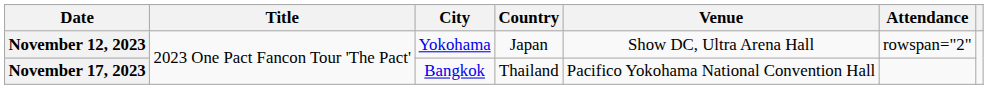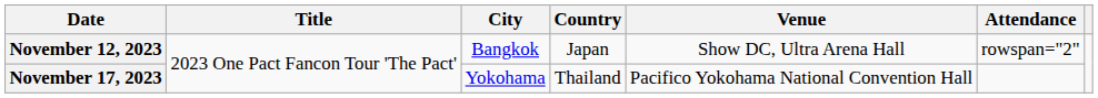 <table class="wikitable plainrowheaders" style="text-align:center">
 <tr>
 <th scope="col">Date</th>
 <th scope="col">Title</th>
 <th scope="col">City</th>
 <th scope="col">Country</th>
 <th scope="col">Venue</th>
 <th scope="col">Attendance</th>
 <th scope="col" class="unsortable"></th>
 </tr>
 <tr>
 <th scope="row">November 12, 2023</th>
 <td rowspan="2" style="text-align:left">2023 One Pact Fancon Tour 'The Pact'</td>
-<td><a href='#'>Yokohama</a></td>
+<td><a href='#'>Bangkok</a></td>
 <td>Japan</td>
 <td>Show DC, Ultra Arena Hall</td>
 <td>rowspan="2" </td>
 <td rowspan="2"></td>
 </tr>
 <tr>
 <th scope="row">November 17, 2023</th>
-<td><a href='#'>Bangkok</a></td>
+<td><a href='#'>Yokohama</a></td>
 <td>Thailand</td>
 <td>Pacifico Yokohama National Convention Hall</td>
 </tr>
 </table>
